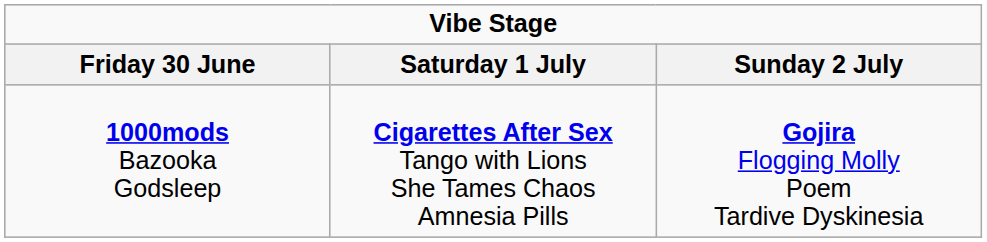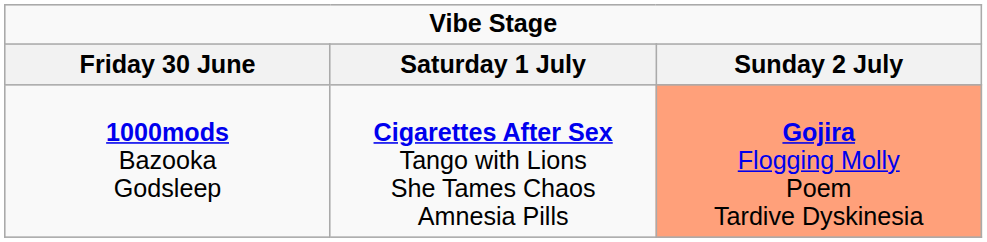 <table class="wikitable">
 <tr>
 <td colspan="3" align="center"><strong>Vibe Stage</strong></td>
 </tr>
 <tr>
 <th>Friday 30 June</th>
 <th>Saturday 1 July</th>
 <th>Sunday 2 July</th>
 </tr>
 <tr>
 <td valign="top" align="center" width=200><br><strong><a href='#'>1000mods</a></strong> <br>Bazooka <br>Godsleep</td>
 <td valign="top" align="center" width=200><br><strong><a href='#'>Cigarettes After Sex</a></strong> <br>Tango with Lions <br>She Tames Chaos <br>Amnesia Pills</td>
-<td valign="top" align="center" width=200><br><strong><a href='#'>Gojira</a></strong> <br><a href='#'>Flogging Molly</a> <br>Poem <br>Tardive Dyskinesia</td>
+<td valign="top" align="center" width=200 style="background: lightsalmon;"><br><strong><a href='#'>Gojira</a></strong> <br><a href='#'>Flogging Molly</a> <br>Poem <br>Tardive Dyskinesia</td>
 </tr>
 </table>
